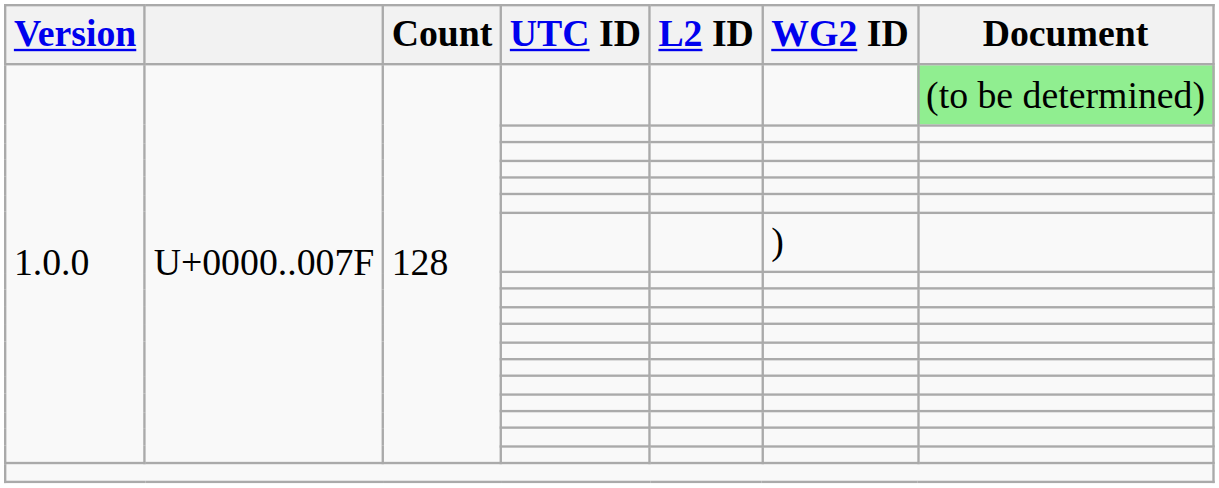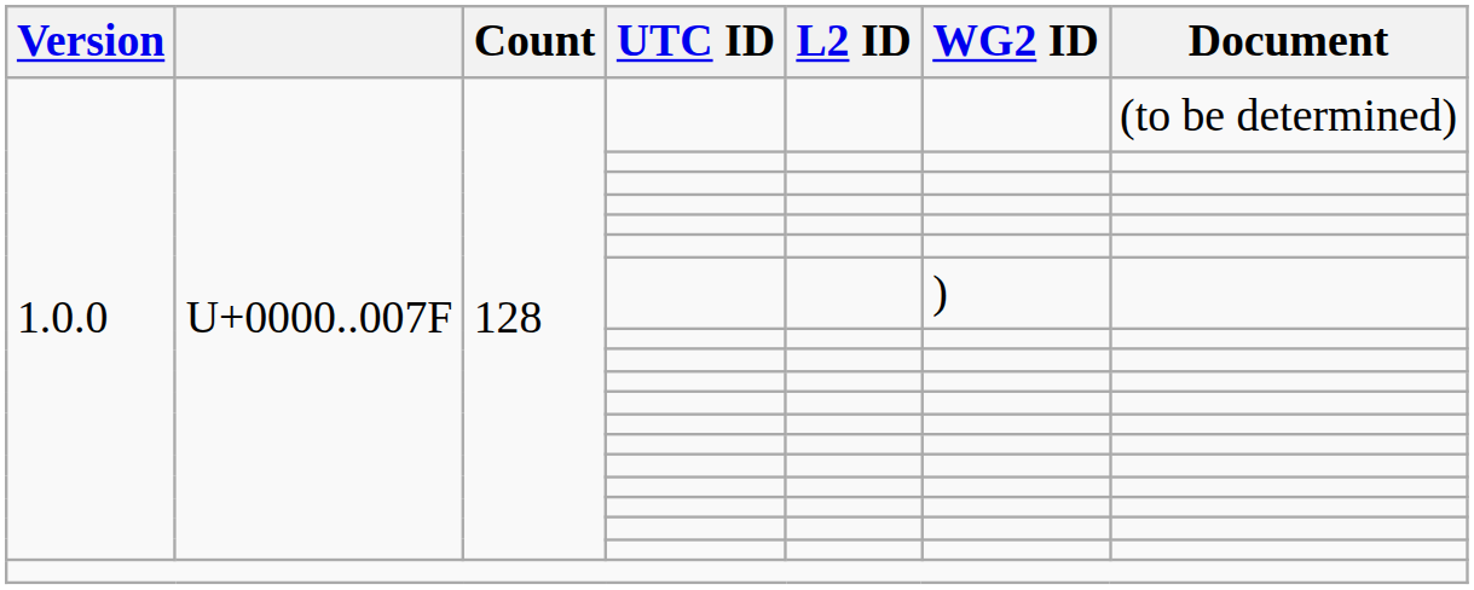 <table class="wikitable sticky-header">
 <tr>
 <th><a href='#'>Version</a></th>
 <th></th>
 <th>Count</th>
 <th><a href='#'>UTC</a> ID</th>
 <th><a href='#'>L2</a> ID</th>
 <th><a href='#'>WG2</a> ID</th>
 <th>Document</th>
 </tr>
 <tr>
 <td rowspan="18">1.0.0</td>
 <td rowspan="18">U+0000..007F</td>
 <td rowspan="18">128</td>
 <td></td>
 <td></td>
 <td></td>
-<td style="background: lightgreen;">(to be determined)</td>
+<td>(to be determined)</td>
 </tr>
 <tr>
 <td></td>
 <td></td>
 <td></td>
 <td></td>
 </tr>
 <tr>
 <td></td>
 <td></td>
 <td></td>
 <td></td>
 </tr>
 <tr>
 <td></td>
 <td></td>
 <td></td>
 <td></td>
 </tr>
 <tr>
 <td></td>
 <td></td>
 <td></td>
 <td></td>
 </tr>
 <tr>
 <td></td>
 <td></td>
 <td></td>
 <td></td>
 </tr>
 <tr>
 <td></td>
 <td></td>
 <td> )</td>
 <td></td>
 </tr>
 <tr>
 <td></td>
 <td></td>
 <td></td>
 <td></td>
 </tr>
 <tr>
 <td></td>
 <td></td>
 <td></td>
 <td></td>
 </tr>
 <tr>
 <td></td>
 <td></td>
 <td></td>
 <td></td>
 </tr>
 <tr>
 <td></td>
 <td></td>
 <td></td>
 <td></td>
 </tr>
 <tr>
 <td></td>
 <td></td>
 <td></td>
 <td></td>
 </tr>
 <tr>
 <td></td>
 <td></td>
 <td></td>
 <td></td>
 </tr>
 <tr>
 <td></td>
 <td></td>
 <td></td>
 <td></td>
 </tr>
 <tr>
 <td></td>
 <td></td>
 <td></td>
 <td></td>
 </tr>
 <tr>
 <td></td>
 <td></td>
 <td></td>
 <td></td>
 </tr>
 <tr>
 <td></td>
 <td></td>
 <td></td>
 <td></td>
 </tr>
 <tr>
 <td></td>
 <td></td>
 <td></td>
 <td></td>
 </tr>
 <tr class="sortbottom">
 <td colspan="7"></td>
 </tr>
 </table>
